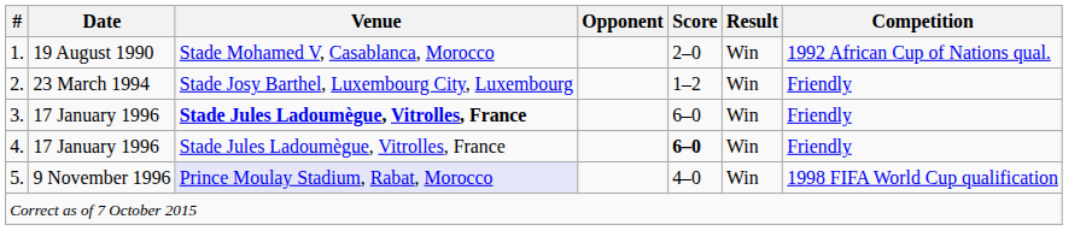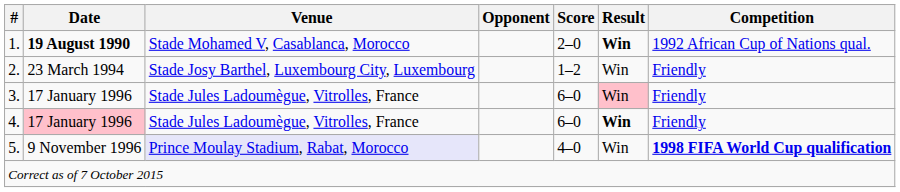 <table class="wikitable" style="font-size:95%;">
 <tr>
 <th>#</th>
 <th>Date</th>
 <th>Venue</th>
 <th>Opponent</th>
 <th>Score</th>
 <th>Result</th>
 <th>Competition</th>
 </tr>
 <tr>
 <td>1.</td>
-<td>19 August 1990</td>
+<td><strong>19 August 1990</strong></td>
 <td><a href='#'>Stade Mohamed V</a>, <a href='#'>Casablanca</a>, <a href='#'>Morocco</a></td>
 <td></td>
 <td>2–0</td>
-<td>Win</td>
+<td><strong>Win</strong></td>
 <td><a href='#'>1992 African Cup of Nations qual.</a></td>
 </tr>
 <tr>
 <td>2.</td>
 <td>23 March 1994</td>
 <td><a href='#'>Stade Josy Barthel</a>, <a href='#'>Luxembourg City</a>, <a href='#'>Luxembourg</a></td>
 <td></td>
 <td>1–2</td>
 <td>Win</td>
 <td><a href='#'>Friendly</a></td>
 </tr>
 <tr>
 <td>3.</td>
 <td>17 January 1996</td>
-<td><strong><a href='#'>Stade Jules Ladoumègue</a>, <a href='#'>Vitrolles</a>, France</strong></td>
+<td><a href='#'>Stade Jules Ladoumègue</a>, <a href='#'>Vitrolles</a>, France</td>
 <td></td>
 <td>6–0</td>
-<td>Win</td>
+<td style="background: pink;">Win</td>
 <td><a href='#'>Friendly</a></td>
 </tr>
 <tr>
 <td>4.</td>
-<td>17 January 1996</td>
+<td style="background: pink;">17 January 1996</td>
 <td><a href='#'>Stade Jules Ladoumègue</a>, <a href='#'>Vitrolles</a>, France</td>
 <td></td>
-<td><strong>6–0</strong></td>
-<td>Win</td>
+<td>6–0</td>
+<td><strong>Win</strong></td>
 <td><a href='#'>Friendly</a></td>
 </tr>
 <tr>
 <td>5.</td>
 <td>9 November 1996</td>
 <td style="background: lavender;"><a href='#'>Prince Moulay Stadium</a>, <a href='#'>Rabat</a>, <a href='#'>Morocco</a></td>
 <td></td>
 <td>4–0</td>
 <td>Win</td>
-<td><a href='#'>1998 FIFA World Cup qualification</a></td>
+<td><strong><a href='#'>1998 FIFA World Cup qualification</a></strong></td>
 </tr>
 <tr>
 <td colspan="15"><small><em>Correct as of 7 October 2015</em></small></td>
 </tr>
 <tr>
 </tr>
 </table>
